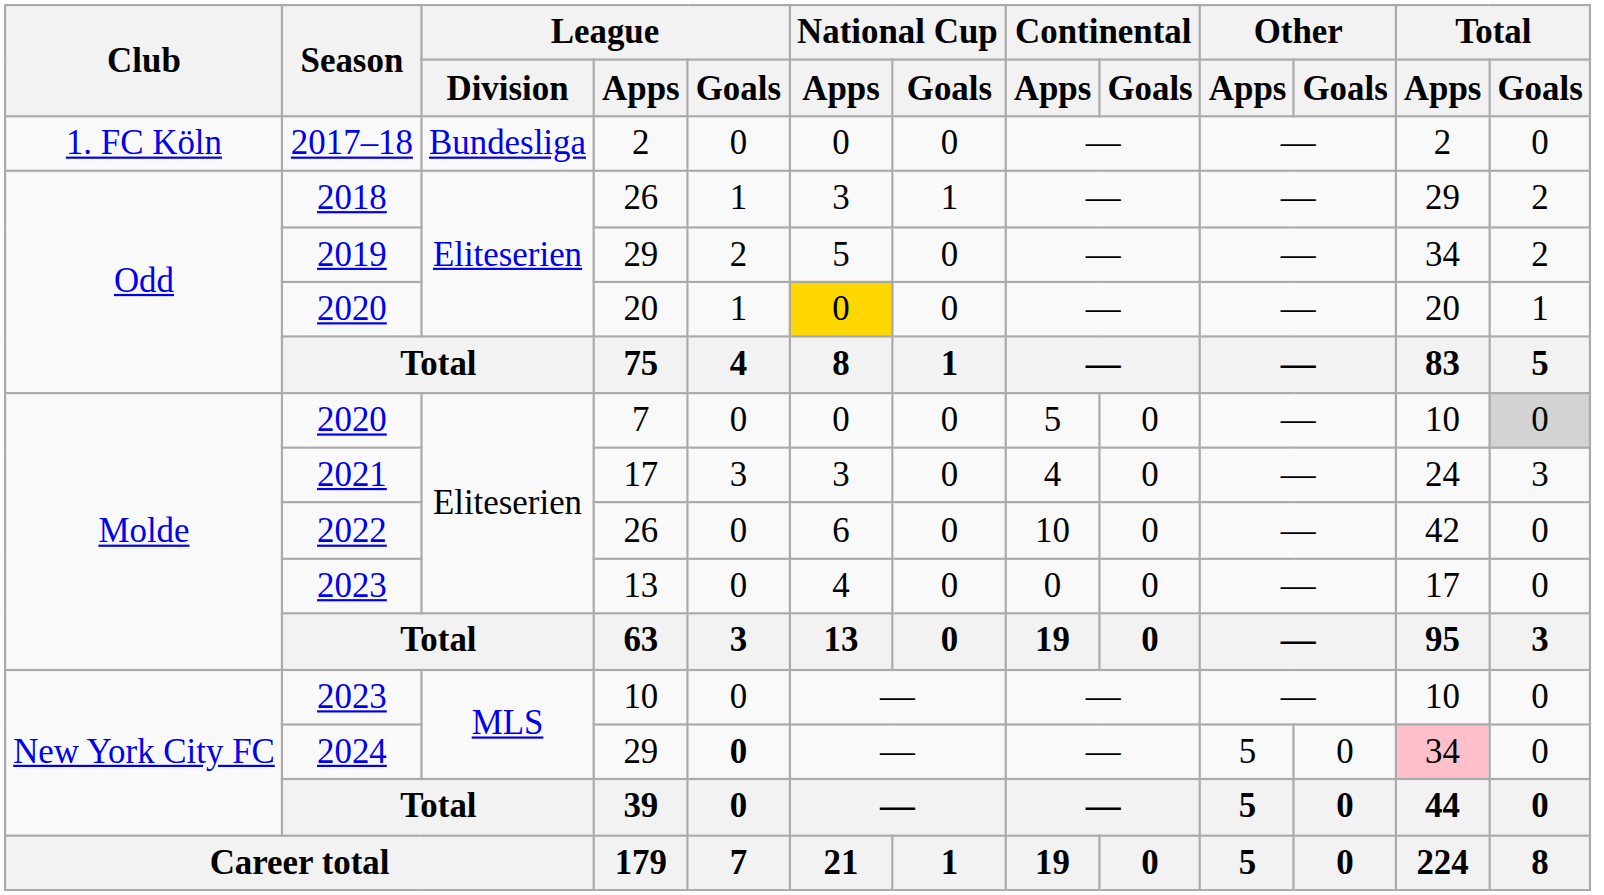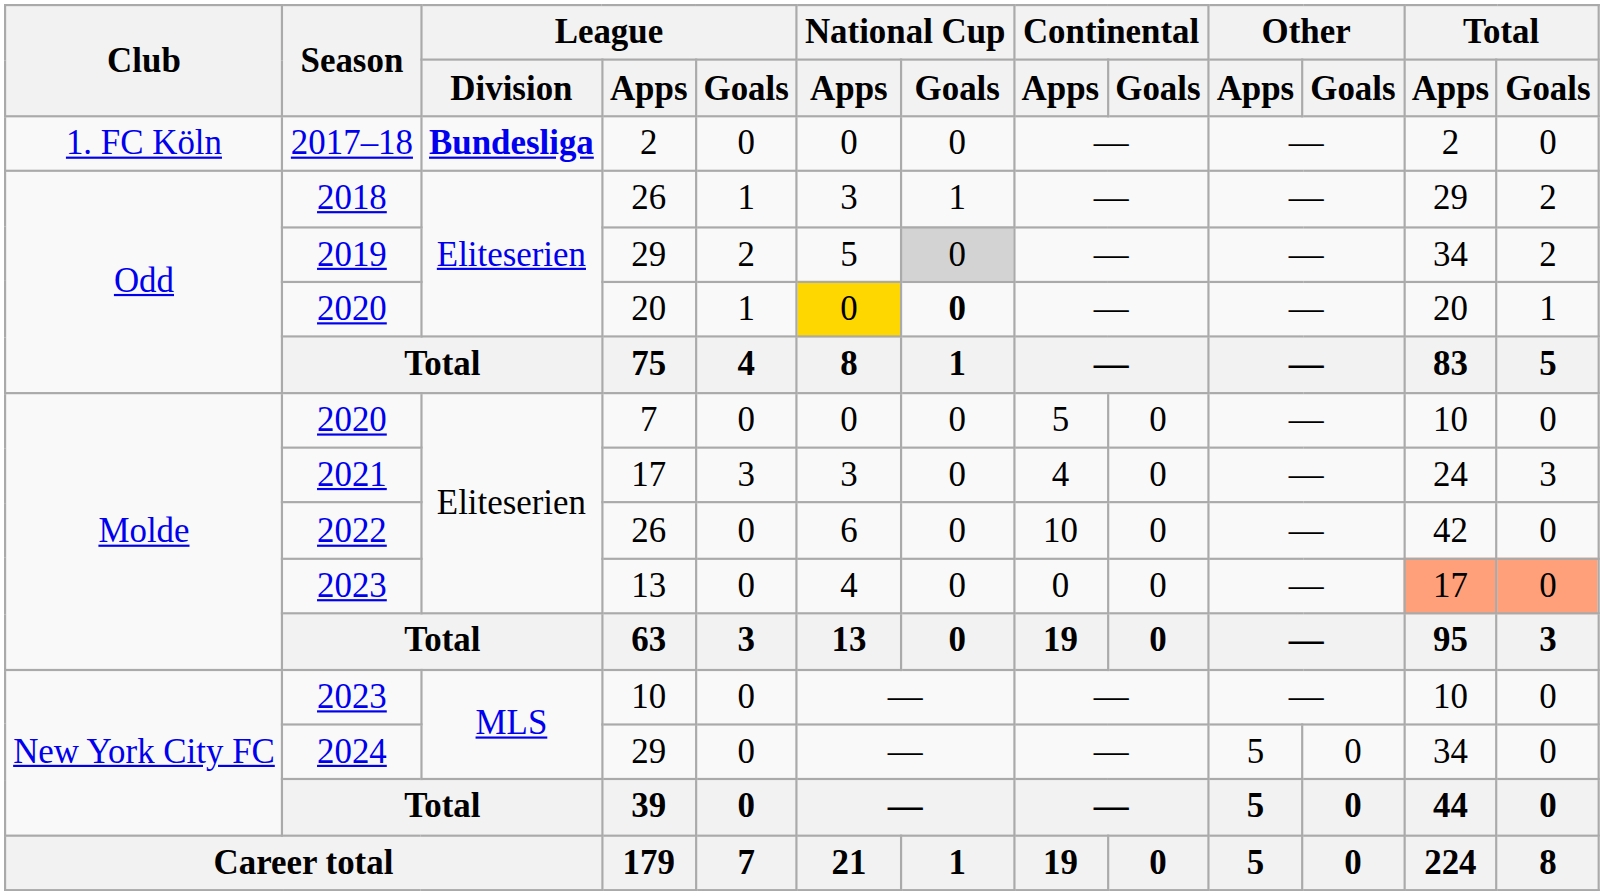 <table class="wikitable" style="text-align:center">
 <tr>
 <th rowspan="2">Club</th>
 <th rowspan="2">Season</th>
 <th colspan="3">League</th>
 <th colspan="2">National Cup</th>
 <th colspan="2">Continental</th>
 <th colspan="2">Other</th>
 <th colspan="2">Total</th>
 </tr>
 <tr>
 <th>Division</th>
 <th>Apps</th>
 <th>Goals</th>
 <th>Apps</th>
 <th>Goals</th>
 <th>Apps</th>
 <th>Goals</th>
 <th>Apps</th>
 <th>Goals</th>
 <th>Apps</th>
 <th>Goals</th>
 </tr>
 <tr>
 <td><a href='#'>1. FC Köln</a></td>
 <td><a href='#'>2017–18</a></td>
-<td><a href='#'>Bundesliga</a></td>
+<td><strong><a href='#'>Bundesliga</a></strong></td>
 <td>2</td>
 <td>0</td>
 <td>0</td>
 <td>0</td>
 <td colspan="2">—</td>
 <td colspan="2">—</td>
 <td>2</td>
 <td>0</td>
 </tr>
 <tr>
 <td rowspan="4"><a href='#'>Odd</a></td>
 <td><a href='#'>2018</a></td>
 <td rowspan="3"><a href='#'>Eliteserien</a></td>
 <td>26</td>
 <td>1</td>
 <td>3</td>
 <td>1</td>
 <td colspan="2">—</td>
 <td colspan="2">—</td>
 <td>29</td>
 <td>2</td>
 </tr>
 <tr>
 <td><a href='#'>2019</a></td>
 <td>29</td>
 <td>2</td>
 <td>5</td>
-<td>0</td>
+<td style="background: lightgrey;">0</td>
 <td colspan="2">—</td>
 <td colspan="2">—</td>
 <td>34</td>
 <td>2</td>
 </tr>
 <tr>
 <td><a href='#'>2020</a></td>
 <td>20</td>
 <td>1</td>
 <td style="background: gold;">0</td>
-<td>0</td>
+<td><strong>0</strong></td>
 <td colspan="2">—</td>
 <td colspan="2">—</td>
 <td>20</td>
 <td>1</td>
 </tr>
 <tr>
 <th colspan="2">Total</th>
 <th>75</th>
 <th>4</th>
 <th>8</th>
 <th>1</th>
 <th colspan="2">—</th>
 <th colspan="2">—</th>
 <th>83</th>
 <th>5</th>
 </tr>
 <tr>
 <td rowspan="5"><a href='#'>Molde</a></td>
 <td><a href='#'>2020</a></td>
 <td rowspan="4">Eliteserien</td>
 <td>7</td>
 <td>0</td>
 <td>0</td>
 <td>0</td>
 <td>5</td>
 <td>0</td>
 <td colspan="2">—</td>
 <td>10</td>
-<td style="background: lightgrey;">0</td>
+<td>0</td>
 </tr>
 <tr>
 <td><a href='#'>2021</a></td>
 <td>17</td>
 <td>3</td>
 <td>3</td>
 <td>0</td>
 <td>4</td>
 <td>0</td>
 <td colspan="2">—</td>
 <td>24</td>
 <td>3</td>
 </tr>
 <tr>
 <td><a href='#'>2022</a></td>
 <td>26</td>
 <td>0</td>
 <td>6</td>
 <td>0</td>
 <td>10</td>
 <td>0</td>
 <td colspan="2">—</td>
 <td>42</td>
 <td>0</td>
 </tr>
 <tr>
 <td><a href='#'>2023</a></td>
 <td>13</td>
 <td>0</td>
 <td>4</td>
 <td>0</td>
 <td>0</td>
 <td>0</td>
 <td colspan="2">—</td>
-<td>17</td>
-<td>0</td>
+<td style="background: lightsalmon;">17</td>
+<td style="background: lightsalmon;">0</td>
 </tr>
 <tr>
 <th colspan="2">Total</th>
 <th>63</th>
 <th>3</th>
 <th>13</th>
 <th>0</th>
 <th>19</th>
 <th>0</th>
 <th colspan="2">—</th>
 <th>95</th>
 <th>3</th>
 </tr>
 <tr>
 <td rowspan="3"><a href='#'>New York City FC</a></td>
 <td><a href='#'>2023</a></td>
 <td rowspan="2"><a href='#'>MLS</a></td>
 <td>10</td>
 <td>0</td>
 <td colspan="2">—</td>
 <td colspan="2">—</td>
 <td colspan="2">—</td>
 <td>10</td>
 <td>0</td>
 </tr>
 <tr>
 <td><a href='#'>2024</a></td>
 <td>29</td>
-<td><strong>0</strong></td>
+<td>0</td>
 <td colspan="2">—</td>
 <td colspan="2">—</td>
 <td>5</td>
 <td>0</td>
-<td style="background: pink;">34</td>
+<td>34</td>
 <td>0</td>
 </tr>
 <tr>
 <th colspan="2">Total</th>
 <th>39</th>
 <th>0</th>
 <th colspan="2">—</th>
 <th colspan="2">—</th>
 <th>5</th>
 <th>0</th>
 <th>44</th>
 <th>0</th>
 </tr>
 <tr>
 <th colspan="3">Career total</th>
 <th>179</th>
 <th>7</th>
 <th>21</th>
 <th>1</th>
 <th>19</th>
 <th>0</th>
 <th>5</th>
 <th>0</th>
 <th>224</th>
 <th>8</th>
 </tr>
 </table>
